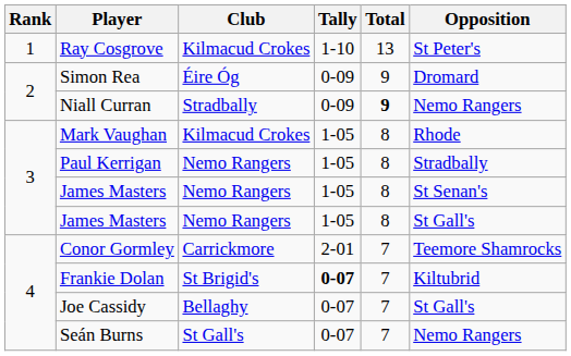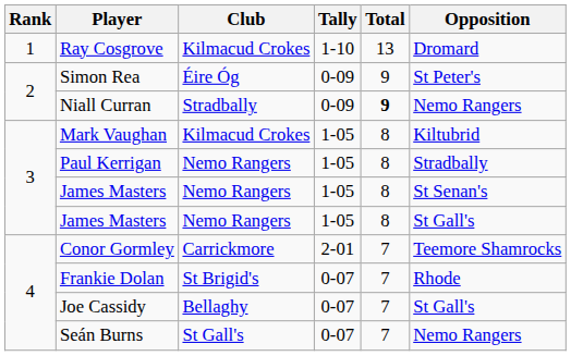 <table class="wikitable">
 <tr>
 <th>Rank</th>
 <th>Player</th>
 <th>Club</th>
 <th>Tally</th>
 <th>Total</th>
 <th>Opposition</th>
 </tr>
 <tr>
 <td rowspan="1" style="text-align:center;">1</td>
 <td><a href='#'>Ray Cosgrove</a></td>
 <td><a href='#'>Kilmacud Crokes</a></td>
 <td align=center>1-10</td>
 <td align=center>13</td>
-<td><a href='#'>St Peter's</a></td>
+<td><a href='#'>Dromard</a></td>
 </tr>
 <tr>
 <td rowspan="2" style="text-align:center;">2</td>
 <td>Simon Rea</td>
 <td><a href='#'>Éire Óg</a></td>
 <td align=center>0-09</td>
 <td align=center>9</td>
-<td><a href='#'>Dromard</a></td>
+<td><a href='#'>St Peter's</a></td>
 </tr>
 <tr>
 <td>Niall Curran</td>
 <td><a href='#'>Stradbally</a></td>
 <td align=center>0-09</td>
 <td align=center><strong>9</strong></td>
 <td><a href='#'>Nemo Rangers</a></td>
 </tr>
 <tr>
 <td rowspan="4" style="text-align:center;">3</td>
 <td><a href='#'>Mark Vaughan</a></td>
 <td><a href='#'>Kilmacud Crokes</a></td>
 <td align=center>1-05</td>
 <td align=center>8</td>
-<td><a href='#'>Rhode</a></td>
+<td><a href='#'>Kiltubrid</a></td>
 </tr>
 <tr>
 <td><a href='#'>Paul Kerrigan</a></td>
 <td><a href='#'>Nemo Rangers</a></td>
 <td align=center>1-05</td>
 <td align=center>8</td>
 <td><a href='#'>Stradbally</a></td>
 </tr>
 <tr>
 <td><a href='#'>James Masters</a></td>
 <td><a href='#'>Nemo Rangers</a></td>
 <td align=center>1-05</td>
 <td align=center>8</td>
 <td><a href='#'>St Senan's</a></td>
 </tr>
 <tr>
 <td><a href='#'>James Masters</a></td>
 <td><a href='#'>Nemo Rangers</a></td>
 <td align=center>1-05</td>
 <td align=center>8</td>
 <td><a href='#'>St Gall's</a></td>
 </tr>
 <tr>
 <td rowspan="4" style="text-align:center;">4</td>
 <td><a href='#'>Conor Gormley</a></td>
 <td><a href='#'>Carrickmore</a></td>
 <td align=center>2-01</td>
 <td align=center>7</td>
 <td><a href='#'>Teemore Shamrocks</a></td>
 </tr>
 <tr>
 <td><a href='#'>Frankie Dolan</a></td>
 <td><a href='#'>St Brigid's</a></td>
-<td align=center><strong>0-07</strong></td>
+<td align=center>0-07</td>
 <td align=center>7</td>
-<td><a href='#'>Kiltubrid</a></td>
+<td><a href='#'>Rhode</a></td>
 </tr>
 <tr>
 <td>Joe Cassidy</td>
 <td><a href='#'>Bellaghy</a></td>
 <td align=center>0-07</td>
 <td align=center>7</td>
 <td><a href='#'>St Gall's</a></td>
 </tr>
 <tr>
 <td>Seán Burns</td>
 <td><a href='#'>St Gall's</a></td>
 <td align=center>0-07</td>
 <td align=center>7</td>
 <td><a href='#'>Nemo Rangers</a></td>
 </tr>
 </table>
